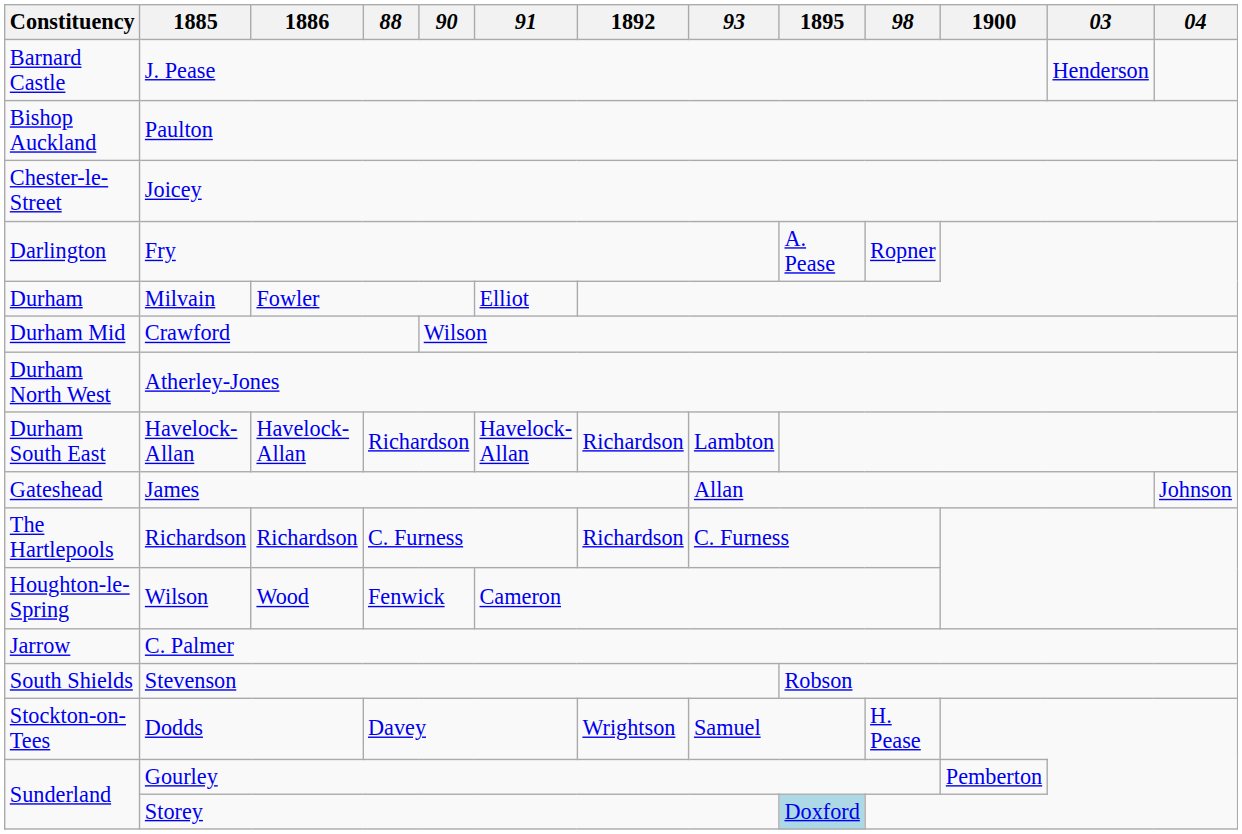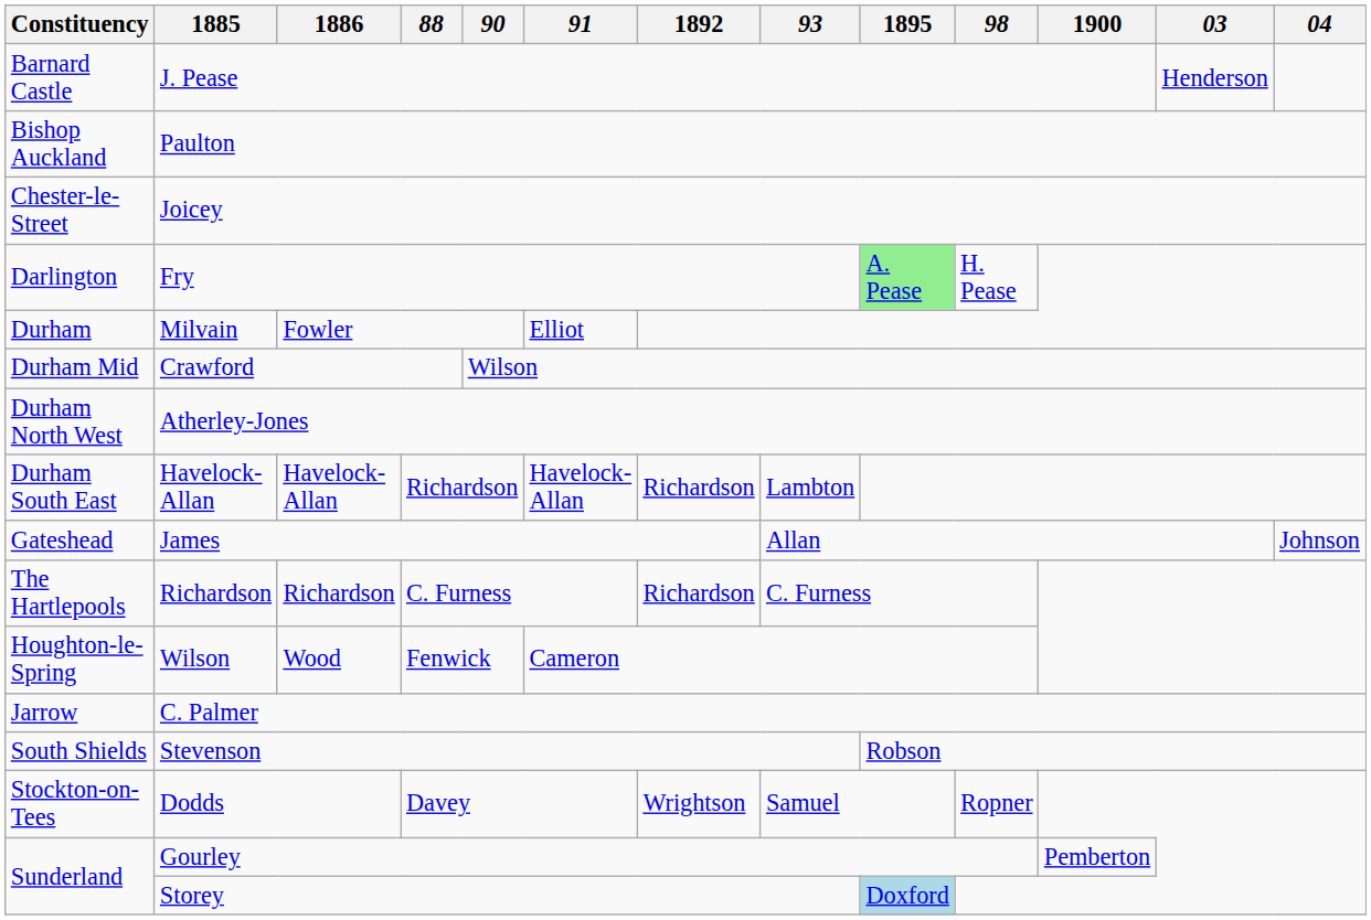 <table class="wikitable">
 <tr>
 <th>Constituency</th>
 <th>1885</th>
 <th>1886</th>
 <th><em>88</em></th>
 <th><em>90</em></th>
 <th><em>91</em></th>
 <th>1892</th>
 <th><em>93</em></th>
 <th>1895</th>
 <th><em>98</em></th>
 <th>1900</th>
 <th><em>03</em></th>
 <th><em>04</em></th>
 </tr>
 <tr>
 <td><a href='#'>Barnard Castle</a></td>
 <td colspan="10"><a href='#'>J. Pease</a></td>
 <td><a href='#'>Henderson</a></td>
 </tr>
 <tr>
 <td><a href='#'>Bishop Auckland</a></td>
 <td colspan="12"><a href='#'>Paulton</a></td>
 </tr>
 <tr>
 <td><a href='#'>Chester-le-Street</a></td>
 <td colspan="12"><a href='#'>Joicey</a></td>
 </tr>
 <tr>
 <td><a href='#'>Darlington</a></td>
 <td colspan="7"><a href='#'>Fry</a></td>
-<td><a href='#'>A. Pease</a></td>
-<td><a href='#'>Ropner</a></td>
+<td style="background: lightgreen;"><a href='#'>A. Pease</a></td>
+<td><a href='#'>H. Pease</a></td>
 </tr>
 <tr>
 <td><a href='#'>Durham</a></td>
 <td><a href='#'>Milvain</a></td>
 <td colspan="3"><a href='#'>Fowler</a></td>
 <td><a href='#'>Elliot</a></td>
 </tr>
 <tr>
 <td><a href='#'>Durham Mid</a></td>
 <td colspan="3"><a href='#'>Crawford</a></td>
 <td colspan="9"><a href='#'>Wilson</a></td>
 </tr>
 <tr>
 <td><a href='#'>Durham North West</a></td>
 <td colspan="12"><a href='#'>Atherley-Jones</a></td>
 </tr>
 <tr>
 <td><a href='#'>Durham South East</a></td>
 <td><a href='#'>Havelock-Allan</a></td>
 <td><a href='#'>Havelock-Allan</a></td>
 <td colspan="2"><a href='#'>Richardson</a></td>
 <td><a href='#'>Havelock-Allan</a></td>
 <td><a href='#'>Richardson</a></td>
 <td><a href='#'>Lambton</a></td>
 </tr>
 <tr>
 <td><a href='#'>Gateshead</a></td>
 <td colspan="6"><a href='#'>James</a></td>
 <td colspan="5"><a href='#'>Allan</a></td>
 <td><a href='#'>Johnson</a></td>
 </tr>
 <tr>
 <td><a href='#'>The Hartlepools</a></td>
 <td><a href='#'>Richardson</a></td>
 <td><a href='#'>Richardson</a></td>
 <td colspan="3"><a href='#'>C. Furness</a></td>
 <td><a href='#'>Richardson</a></td>
 <td colspan="3"><a href='#'>C. Furness</a></td>
 </tr>
 <tr>
 <td><a href='#'>Houghton-le-Spring</a></td>
 <td><a href='#'>Wilson</a></td>
 <td><a href='#'>Wood</a></td>
 <td colspan="2"><a href='#'>Fenwick</a></td>
 <td colspan="5"><a href='#'>Cameron</a></td>
 </tr>
 <tr>
 <td><a href='#'>Jarrow</a></td>
 <td colspan="12"><a href='#'>C. Palmer</a></td>
 </tr>
 <tr>
 <td><a href='#'>South Shields</a></td>
 <td colspan="7"><a href='#'>Stevenson</a></td>
 <td colspan="5"><a href='#'>Robson</a></td>
 </tr>
 <tr>
 <td><a href='#'>Stockton-on-Tees</a></td>
 <td colspan="2"><a href='#'>Dodds</a></td>
 <td colspan="3"><a href='#'>Davey</a></td>
 <td><a href='#'>Wrightson</a></td>
 <td colspan="2"><a href='#'>Samuel</a></td>
-<td><a href='#'>H. Pease</a></td>
+<td><a href='#'>Ropner</a></td>
 </tr>
 <tr>
 <td rowspan="2"><a href='#'>Sunderland</a></td>
 <td colspan="9"><a href='#'>Gourley</a></td>
 <td><a href='#'>Pemberton</a></td>
 </tr>
 <tr>
 <td colspan="7"><a href='#'>Storey</a></td>
 <td style="background: lightblue;"><a href='#'>Doxford</a></td>
 </tr>
 </table>
